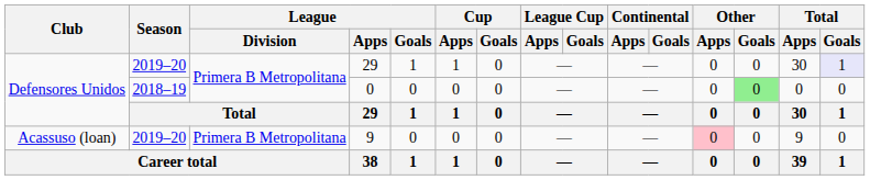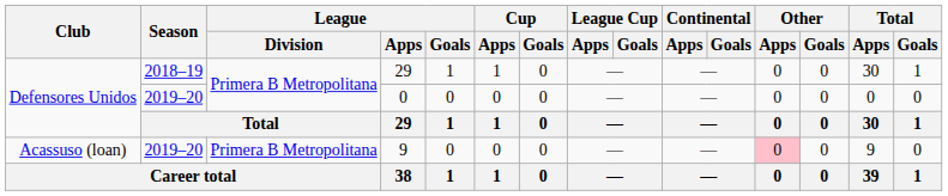 <table class="wikitable" style="text-align:center">
 <tr>
 <th rowspan="2">Club</th>
 <th rowspan="2">Season</th>
 <th colspan="3">League</th>
 <th colspan="2">Cup</th>
 <th colspan="2">League Cup</th>
 <th colspan="2">Continental</th>
 <th colspan="2">Other</th>
 <th colspan="2">Total</th>
 </tr>
 <tr>
 <th>Division</th>
 <th>Apps</th>
 <th>Goals</th>
 <th>Apps</th>
 <th>Goals</th>
 <th>Apps</th>
 <th>Goals</th>
 <th>Apps</th>
 <th>Goals</th>
 <th>Apps</th>
 <th>Goals</th>
 <th>Apps</th>
 <th>Goals</th>
 </tr>
 <tr>
 <td rowspan="3"><a href='#'>Defensores Unidos</a></td>
-<td><a href='#'>2019–20</a></td>
+<td><a href='#'>2018–19</a></td>
 <td rowspan="2"><a href='#'>Primera B Metropolitana</a></td>
 <td>29</td>
 <td>1</td>
 <td>1</td>
 <td>0</td>
 <td colspan="2">—</td>
 <td colspan="2">—</td>
 <td>0</td>
 <td>0</td>
 <td>30</td>
-<td style="background: lavender;">1</td>
+<td>1</td>
 </tr>
 <tr>
-<td><a href='#'>2018–19</a></td>
+<td><a href='#'>2019–20</a></td>
 <td>0</td>
 <td>0</td>
 <td>0</td>
 <td>0</td>
 <td colspan="2">—</td>
 <td colspan="2">—</td>
 <td>0</td>
-<td style="background: lightgreen;">0</td>
+<td>0</td>
 <td>0</td>
 <td>0</td>
 </tr>
 <tr>
 <th colspan="2">Total</th>
 <th>29</th>
 <th>1</th>
 <th>1</th>
 <th>0</th>
 <th colspan="2">—</th>
 <th colspan="2">—</th>
 <th>0</th>
 <th>0</th>
 <th>30</th>
 <th>1</th>
 </tr>
 <tr>
 <td rowspan="1"><a href='#'>Acassuso</a> (loan)</td>
 <td><a href='#'>2019–20</a></td>
 <td rowspan="1"><a href='#'>Primera B Metropolitana</a></td>
 <td>9</td>
 <td>0</td>
 <td>0</td>
 <td>0</td>
 <td colspan="2">—</td>
 <td colspan="2">—</td>
 <td style="background: pink;">0</td>
 <td>0</td>
 <td>9</td>
 <td>0</td>
 </tr>
 <tr>
 <th colspan="3">Career total</th>
 <th>38</th>
 <th>1</th>
 <th>1</th>
 <th>0</th>
 <th colspan="2">—</th>
 <th colspan="2">—</th>
 <th>0</th>
 <th>0</th>
 <th>39</th>
 <th>1</th>
 </tr>
 </table>
